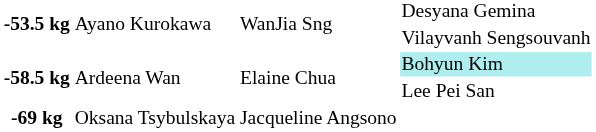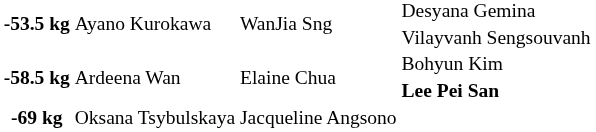 <table>
 <tr>
 <th scope=row rowspan=2>-53.5 kg</th>
 <td rowspan=2> Ayano Kurokawa</td>
 <td rowspan=2> WanJia Sng</td>
 <td> Desyana Gemina</td>
 </tr>
 <tr>
 <td> Vilayvanh Sengsouvanh</td>
 </tr>
 <tr>
 <th scope=row rowspan=2>-58.5 kg</th>
 <td rowspan=2> Ardeena Wan</td>
 <td rowspan=2> Elaine Chua</td>
-<td style="background: paleturquoise;"> Bohyun Kim</td>
+<td> Bohyun Kim</td>
 </tr>
 <tr>
-<td> Lee Pei San</td>
+<td><strong> Lee Pei San</strong></td>
 </tr>
 <tr>
 <th scope=row rowspan=2>-69 kg</th>
 <td rowspan=2> Oksana Tsybulskaya</td>
 <td rowspan=2> Jacqueline Angsono</td>
 <td></td>
 </tr>
 <tr>
 <td></td>
 </tr>
 <tr>
 </tr>
 <tr>
 </tr>
 </table>
